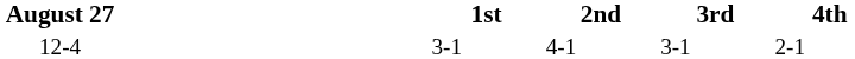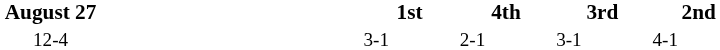 <table width=60% cellspacing=1>
 <tr>
 <th width=20%></th>
 <th width=12%>August 27</th>
 <th width=20%></th>
 <th width=8%>1st</th>
+<th width=8%>4th</th>
+<th width=8%>3rd</th>
 <th width=8%>2nd</th>
-<th width=8%>3rd</th>
-<th width=8%>4th</th>
 </tr>
 <tr style=font-size:90%>
 <td align=right><strong></strong></td>
 <td align=center>12-4</td>
 <td></td>
 <td>3-1</td>
+<td>2-1</td>
+<td>3-1</td>
 <td>4-1</td>
-<td>3-1</td>
-<td>2-1</td>
 </tr>
 </table>
